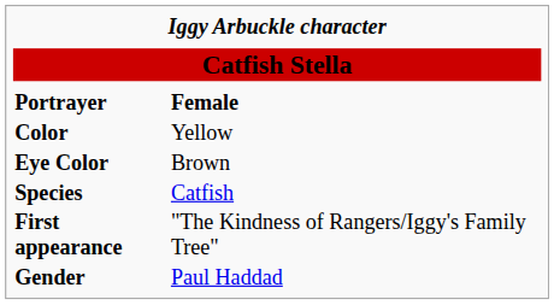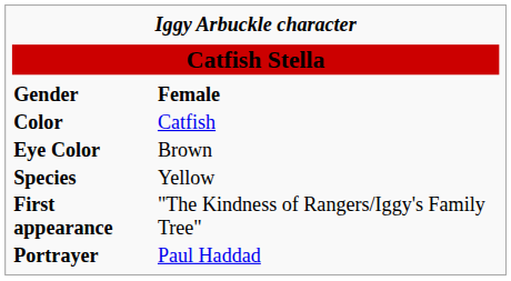 <table class="infobox" style="width: 25em;">
 <tr>
 <td colspan="2" style="text-align:center;"><strong><em>Iggy Arbuckle character</em></strong></td>
 </tr>
 <tr>
 <td colspan="2" style="text-align:center;"></td>
 </tr>
 <tr>
 <th colspan="2" style="font-size: larger; background-color:#c00; color:#000;"><strong>Catfish Stella</strong></th>
 </tr>
 <tr>
 <td colspan="2"></td>
 </tr>
 <tr>
-<td><strong>Portrayer</strong></td>
+<td><strong>Gender</strong></td>
 <td><strong>Female</strong></td>
 </tr>
 <tr>
 <td><strong>Color</strong></td>
-<td>Yellow</td>
+<td><a href='#'>Catfish</a></td>
 </tr>
 <tr>
 <td><strong>Eye Color</strong></td>
 <td>Brown</td>
 </tr>
 <tr>
 <td><strong>Species</strong></td>
-<td><a href='#'>Catfish</a></td>
+<td>Yellow</td>
 </tr>
 <tr>
 <td><strong>First appearance</strong></td>
 <td>"The Kindness of Rangers/Iggy's Family Tree"</td>
 </tr>
 <tr>
-<td><strong>Gender</strong></td>
+<td><strong>Portrayer</strong></td>
 <td><a href='#'>Paul Haddad</a></td>
 </tr>
 </table>
